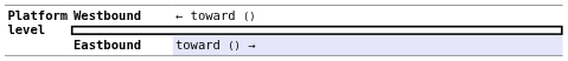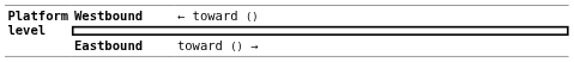 <table cellpadding="3" cellspacing="0" border="0">
 <tr>
 <td rowspan="3" width="50" style="border-top-color: gray; border-bottom-color: gray; border-top-width: 1px; border-bottom-width: 1px; border-top-style: solid; border-bottom-style: solid;" valign="top"><strong>Platform level</strong></td>
 <td width="100" style="border-top-color: gray; border-top-width: 1px; border-top-style: solid;"><strong>Westbound</strong></td>
 <td width="400" style="border-top-color: gray; border-top-width: 1px; border-top-style: solid;">←  toward  <small>()</small></td>
 </tr>
 <tr>
 <td colspan="2" style="border: 2px solid black; border-image: none; text-align: center;"></td>
 </tr>
 <tr>
 <td style="border-bottom-color: gray; border-bottom-width: 1px; border-bottom-style: solid;"><strong>Eastbound</strong></td>
-<td style="background: lavender; border-bottom-color: gray; border-bottom-width: 1px; border-bottom-style: solid;"> toward  <small>()</small> →</td>
+<td style="border-bottom-color: gray; border-bottom-width: 1px; border-bottom-style: solid;"> toward  <small>()</small> →</td>
 </tr>
 </table>
